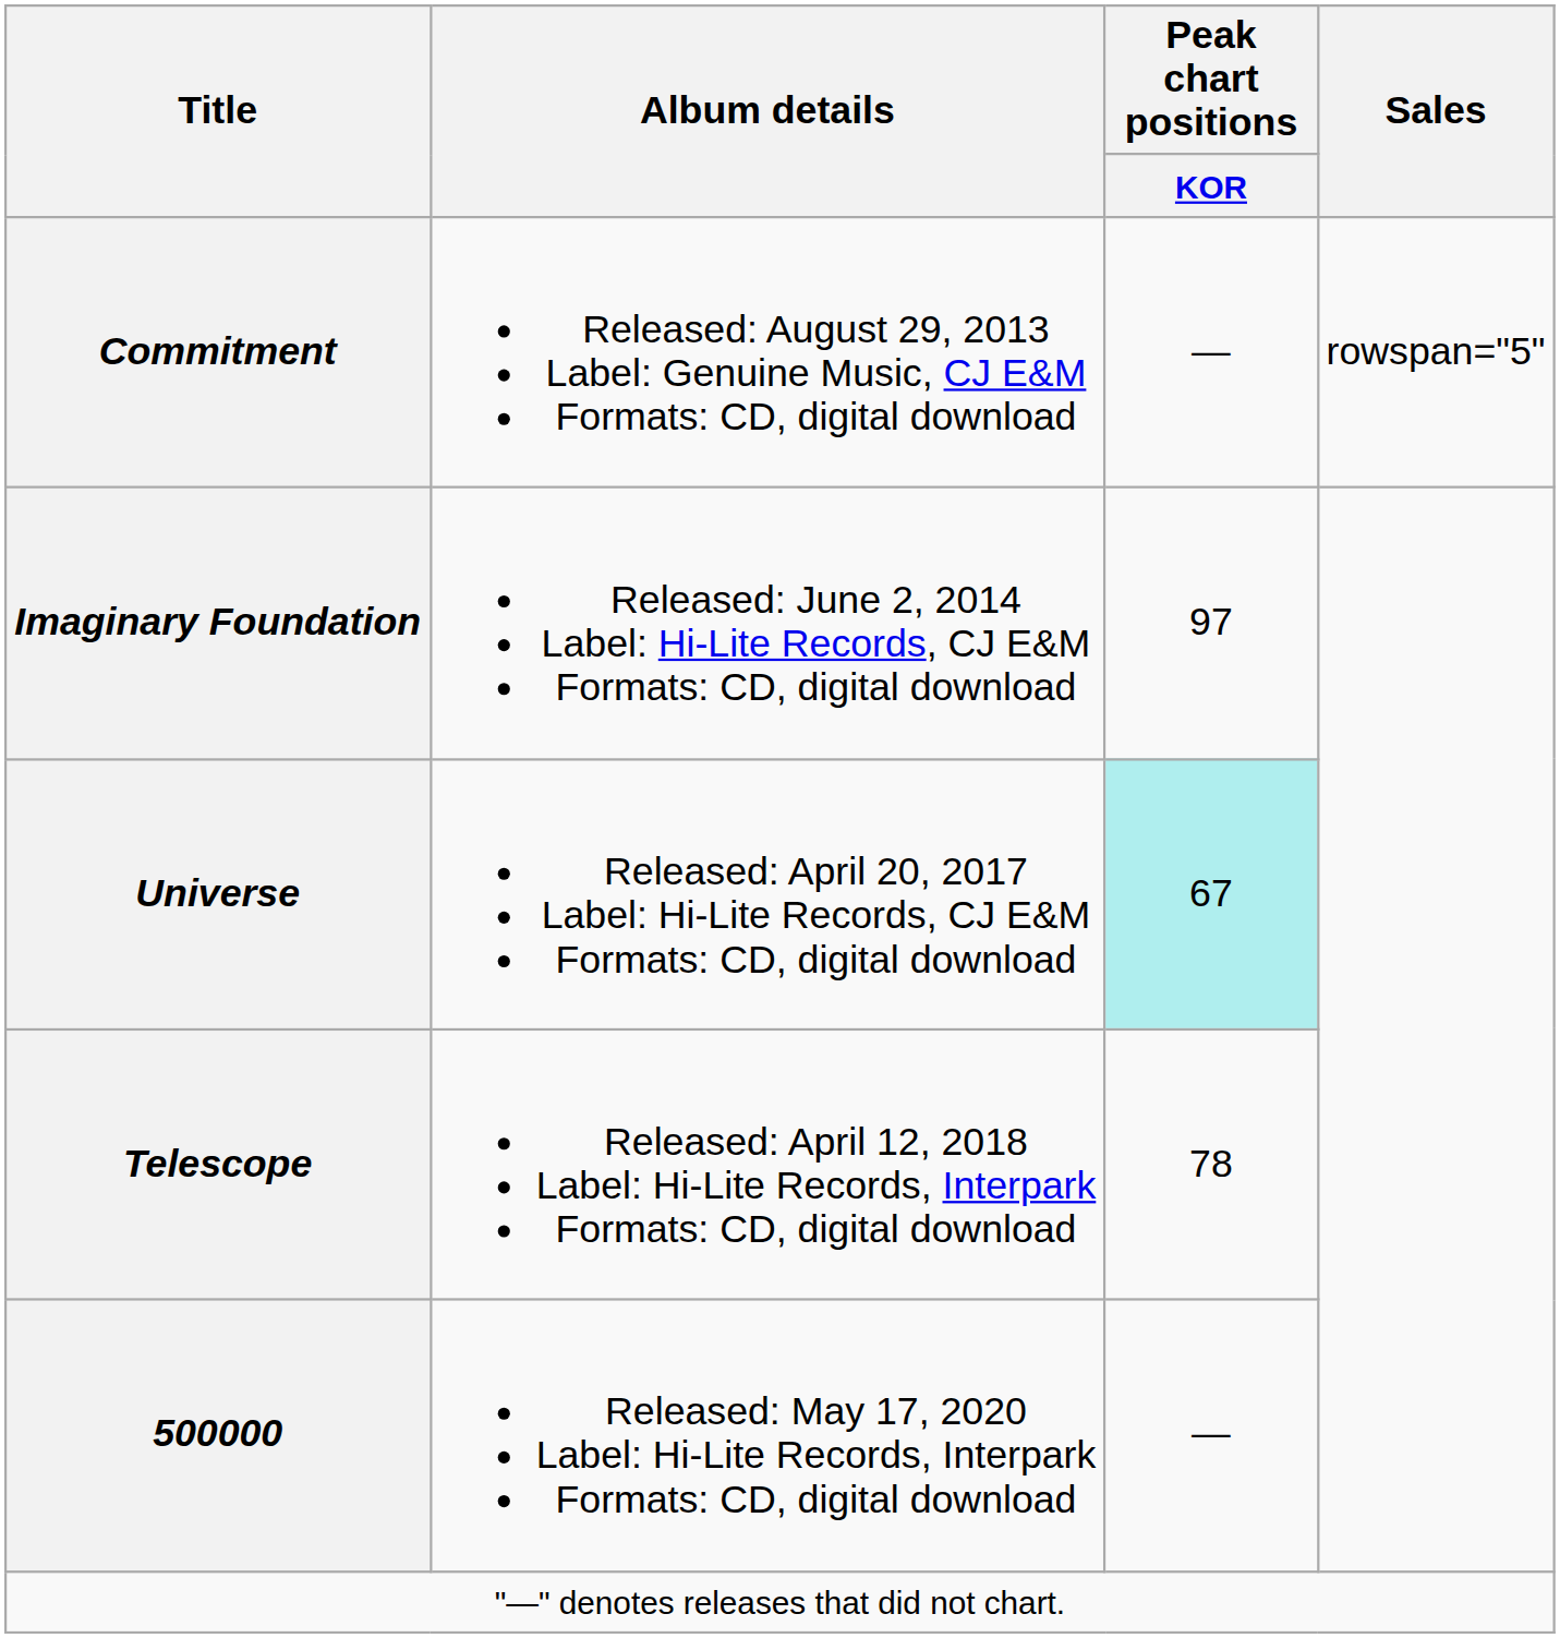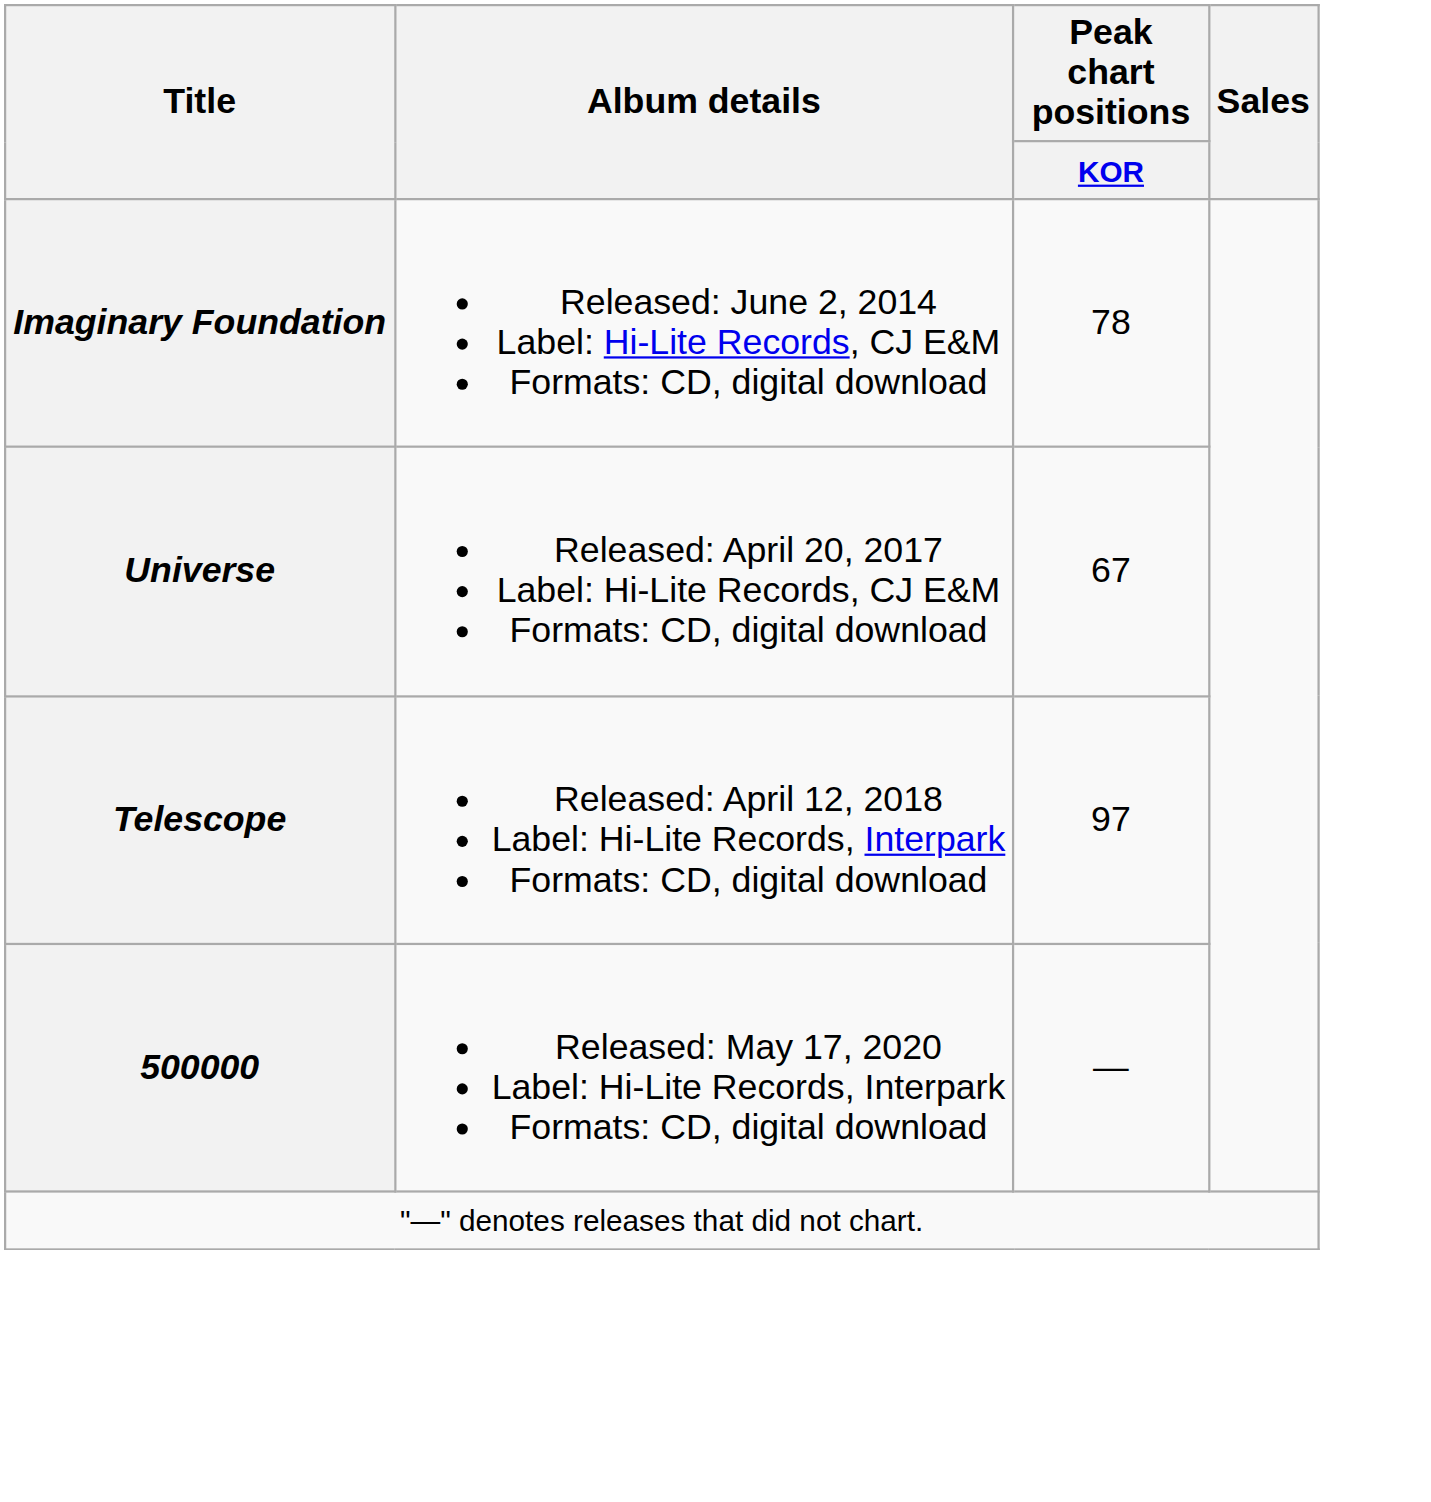 <table class="wikitable plainrowheaders" style="text-align:center;">
 <tr>
 <th scope="col" rowspan="2">Title</th>
 <th scope="col" rowspan="2">Album details</th>
 <th scope="col" colspan="1" style="width:5em;">Peak chart positions</th>
 <th scope="col" rowspan="2">Sales</th>
 </tr>
 <tr>
 <th><small><a href='#'>KOR</a></small><br></th>
 </tr>
 <tr>
-<th scope="row"><em>Commitment</em></th>
-<td><br><ul><li>Released: August 29, 2013</li><li>Label: Genuine Music, <a href='#'>CJ E&M</a></li><li>Formats: CD, digital download</li></ul></td>
-<td>—</td>
-<td>rowspan="5" </td>
-</tr>
-<tr>
 <th scope="row"><em>Imaginary Foundation</em></th>
 <td><br><ul><li>Released: June 2, 2014</li><li>Label: <a href='#'>Hi-Lite Records</a>, CJ E&M</li><li>Formats: CD, digital download</li></ul></td>
-<td>97</td>
+<td>78</td>
 </tr>
 <tr>
 <th scope="row"><em>Universe</em></th>
 <td><br><ul><li>Released: April 20, 2017</li><li>Label: Hi-Lite Records, CJ E&M</li><li>Formats: CD, digital download</li></ul></td>
-<td style="background: paleturquoise;">67</td>
+<td>67</td>
 </tr>
 <tr>
 <th scope="row"><em>Telescope</em></th>
 <td><br><ul><li>Released: April 12, 2018</li><li>Label: Hi-Lite Records, <a href='#'>Interpark</a></li><li>Formats: CD, digital download</li></ul></td>
-<td>78</td>
+<td>97</td>
 </tr>
 <tr>
 <th scope="row"><em>500000</em></th>
 <td><br><ul><li>Released: May 17, 2020</li><li>Label: Hi-Lite Records, Interpark</li><li>Formats: CD, digital download</li></ul></td>
 <td>—</td>
 </tr>
 <tr>
 <td colspan="4" align="center"><small>"—" denotes releases that did not chart.</small></td>
 </tr>
 </table>
